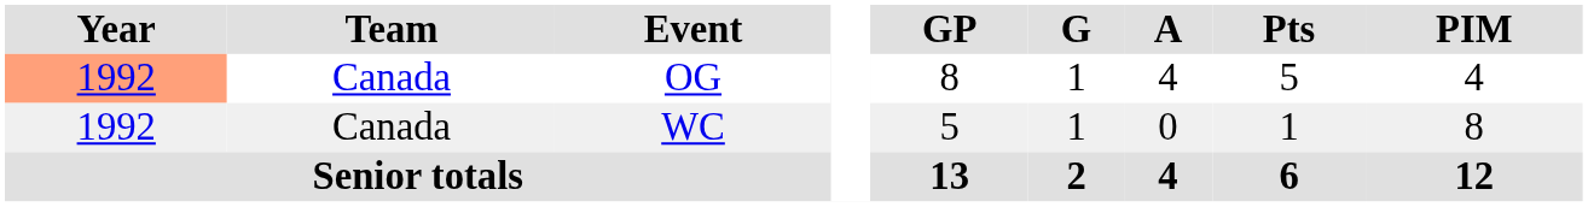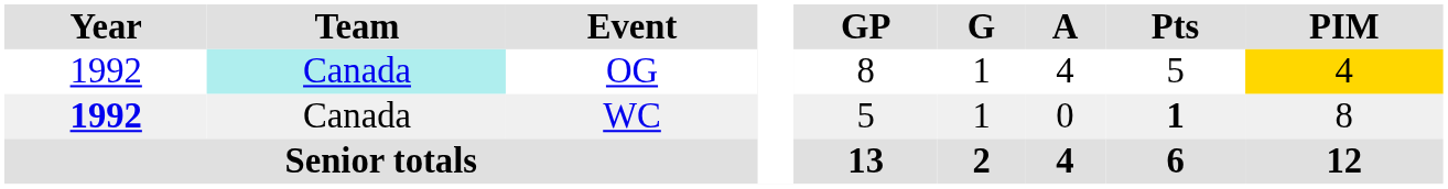 <table border="0" cellpadding="1" cellspacing="0" style="text-align:center; width:40em">
 <tr align="center" bgcolor="#e0e0e0">
 <th>Year</th>
 <th>Team</th>
 <th>Event</th>
 <th rowspan="99" bgcolor="#ffffff"> </th>
 <th>GP</th>
 <th>G</th>
 <th>A</th>
 <th>Pts</th>
 <th>PIM</th>
 </tr>
 <tr>
-<td style="background: lightsalmon;"><a href='#'>1992</a></td>
-<td><a href='#'>Canada</a></td>
+<td><a href='#'>1992</a></td>
+<td style="background: paleturquoise;"><a href='#'>Canada</a></td>
 <td><a href='#'>OG</a></td>
 <td>8</td>
 <td>1</td>
 <td>4</td>
 <td>5</td>
-<td>4</td>
+<td style="background: gold;">4</td>
 </tr>
 <tr bgcolor="#f0f0f0">
-<td><a href='#'>1992</a></td>
+<td><strong><a href='#'>1992</a></strong></td>
 <td>Canada</td>
 <td><a href='#'>WC</a></td>
 <td>5</td>
 <td>1</td>
 <td>0</td>
-<td>1</td>
+<td><strong>1</strong></td>
 <td>8</td>
 </tr>
 <tr bgcolor="#e0e0e0">
 <th colspan="3">Senior totals</th>
 <th>13</th>
 <th>2</th>
 <th>4</th>
 <th>6</th>
 <th>12</th>
 </tr>
 </table>
